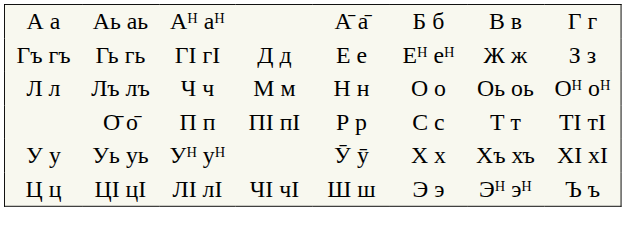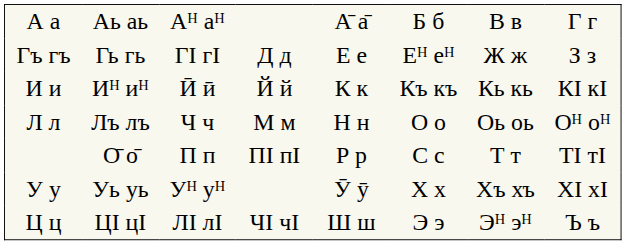 <table style="font-family:'Times New Roman',Times,'Nimbus Roman No9 L',FreeSerif,'Liberation Serif',serif; font-size:1.6em; border-color:#000000; border-width:1px; border-style:solid; border-collapse:collapse; background-color:#F8F8EF">
 <tr>
 <td style="width:3em; text-align:center; padding: 3px;">А а</td>
 <td style="width:3em; text-align:center; padding: 3px;">Аь аь</td>
 <td style="width:3em; text-align:center; padding: 3px;">Аᴴ аᴴ</td>
 <td style="width:3em; text-align:center; padding: 3px;"></td>
 <td style="width:3em; text-align:center; padding: 3px;">А̄ а̄</td>
 <td style="width:3em; text-align:center; padding: 3px;">Б б</td>
 <td style="width:3em; text-align:center; padding: 3px;">В в</td>
 <td style="width:3em; text-align:center; padding: 3px;">Г г</td>
 </tr>
 <tr>
 <td style="width:3em; text-align:center; padding: 3px;">Гъ гъ</td>
 <td style="width:3em; text-align:center; padding: 3px;">Гь гь</td>
 <td style="width:3em; text-align:center; padding: 3px;">ГӀ гӀ</td>
 <td style="width:3em; text-align:center; padding: 3px;">Д д</td>
 <td style="width:3em; text-align:center; padding: 3px;">Е е</td>
 <td style="width:3em; text-align:center; padding: 3px;">Еᴴ еᴴ</td>
 <td style="width:3em; text-align:center; padding: 3px;">Ж ж</td>
 <td style="width:3em; text-align:center; padding: 3px;">З з</td>
+</tr>
+<tr>
+<td style="width:3em; text-align:center; padding: 3px;">И и</td>
+<td style="width:3em; text-align:center; padding: 3px;">Иᴴ иᴴ</td>
+<td style="width:3em; text-align:center; padding: 3px;">Ӣ ӣ</td>
+<td style="width:3em; text-align:center; padding: 3px;">Й й</td>
+<td style="width:3em; text-align:center; padding: 3px;">К к</td>
+<td style="width:3em; text-align:center; padding: 3px;">Къ къ</td>
+<td style="width:3em; text-align:center; padding: 3px;">Кь кь</td>
+<td style="width:3em; text-align:center; padding: 3px;">КӀ кӀ</td>
 </tr>
 <tr>
 <td style="width:3em; text-align:center; padding: 3px;">Л л</td>
 <td style="width:3em; text-align:center; padding: 3px;">Лъ лъ</td>
 <td style="width:3em; text-align:center; padding: 3px;">Ч ч</td>
 <td style="width:3em; text-align:center; padding: 3px;">М м</td>
 <td style="width:3em; text-align:center; padding: 3px;">Н н</td>
 <td style="width:3em; text-align:center; padding: 3px;">О о</td>
 <td style="width:3em; text-align:center; padding: 3px;">Оь оь</td>
 <td style="width:3em; text-align:center; padding: 3px;">Оᴴ оᴴ</td>
 </tr>
 <tr>
 <td style="width:3em; text-align:center; padding: 3px;"></td>
 <td style="width:3em; text-align:center; padding: 3px;">О̄ о̄</td>
 <td style="width:3em; text-align:center; padding: 3px;">П п</td>
 <td style="width:3em; text-align:center; padding: 3px;">ПӀ пӀ</td>
 <td style="width:3em; text-align:center; padding: 3px;">Р р</td>
 <td style="width:3em; text-align:center; padding: 3px;">С с</td>
 <td style="width:3em; text-align:center; padding: 3px;">Т т</td>
 <td style="width:3em; text-align:center; padding: 3px;">ТӀ тӀ</td>
 </tr>
 <tr>
 <td style="width:3em; text-align:center; padding: 3px;">У у</td>
 <td style="width:3em; text-align:center; padding: 3px;">Уь уь</td>
 <td style="width:3em; text-align:center; padding: 3px;">Уᴴ уᴴ</td>
 <td style="width:3em; text-align:center; padding: 3px;"></td>
 <td style="width:3em; text-align:center; padding: 3px;">Ӯ ӯ</td>
 <td style="width:3em; text-align:center; padding: 3px;">Х х</td>
 <td style="width:3em; text-align:center; padding: 3px;">Хъ хъ</td>
 <td style="width:3em; text-align:center; padding: 3px;">ХӀ хӀ</td>
 </tr>
 <tr>
 <td style="width:3em; text-align:center; padding: 3px;">Ц ц</td>
 <td style="width:3em; text-align:center; padding: 3px;">ЦӀ цӀ</td>
 <td style="width:3em; text-align:center; padding: 3px;">ЛӀ лӀ</td>
 <td style="width:3em; text-align:center; padding: 3px;">ЧӀ чӀ</td>
 <td style="width:3em; text-align:center; padding: 3px;">Ш ш</td>
 <td style="width:3em; text-align:center; padding: 3px;">Э э</td>
 <td style="width:3em; text-align:center; padding: 3px;">Эᴴ эᴴ</td>
 <td style="width:3em; text-align:center; padding: 3px;">Ъ ъ</td>
 </tr>
 </table>
